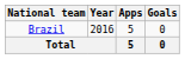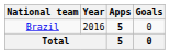 <table class="wikitable" style="text-align:center">
 <tr>
 <th>National team</th>
 <th>Year</th>
 <th>Apps</th>
 <th>Goals</th>
 </tr>
 <tr>
 <td><a href='#'>Brazil</a></td>
 <td>2016</td>
-<td>5</td>
+<td><strong>5</strong></td>
 <td>0</td>
 </tr>
 <tr>
 <th colspan="2">Total</th>
 <th>5</th>
 <th>0</th>
 </tr>
 </table>
